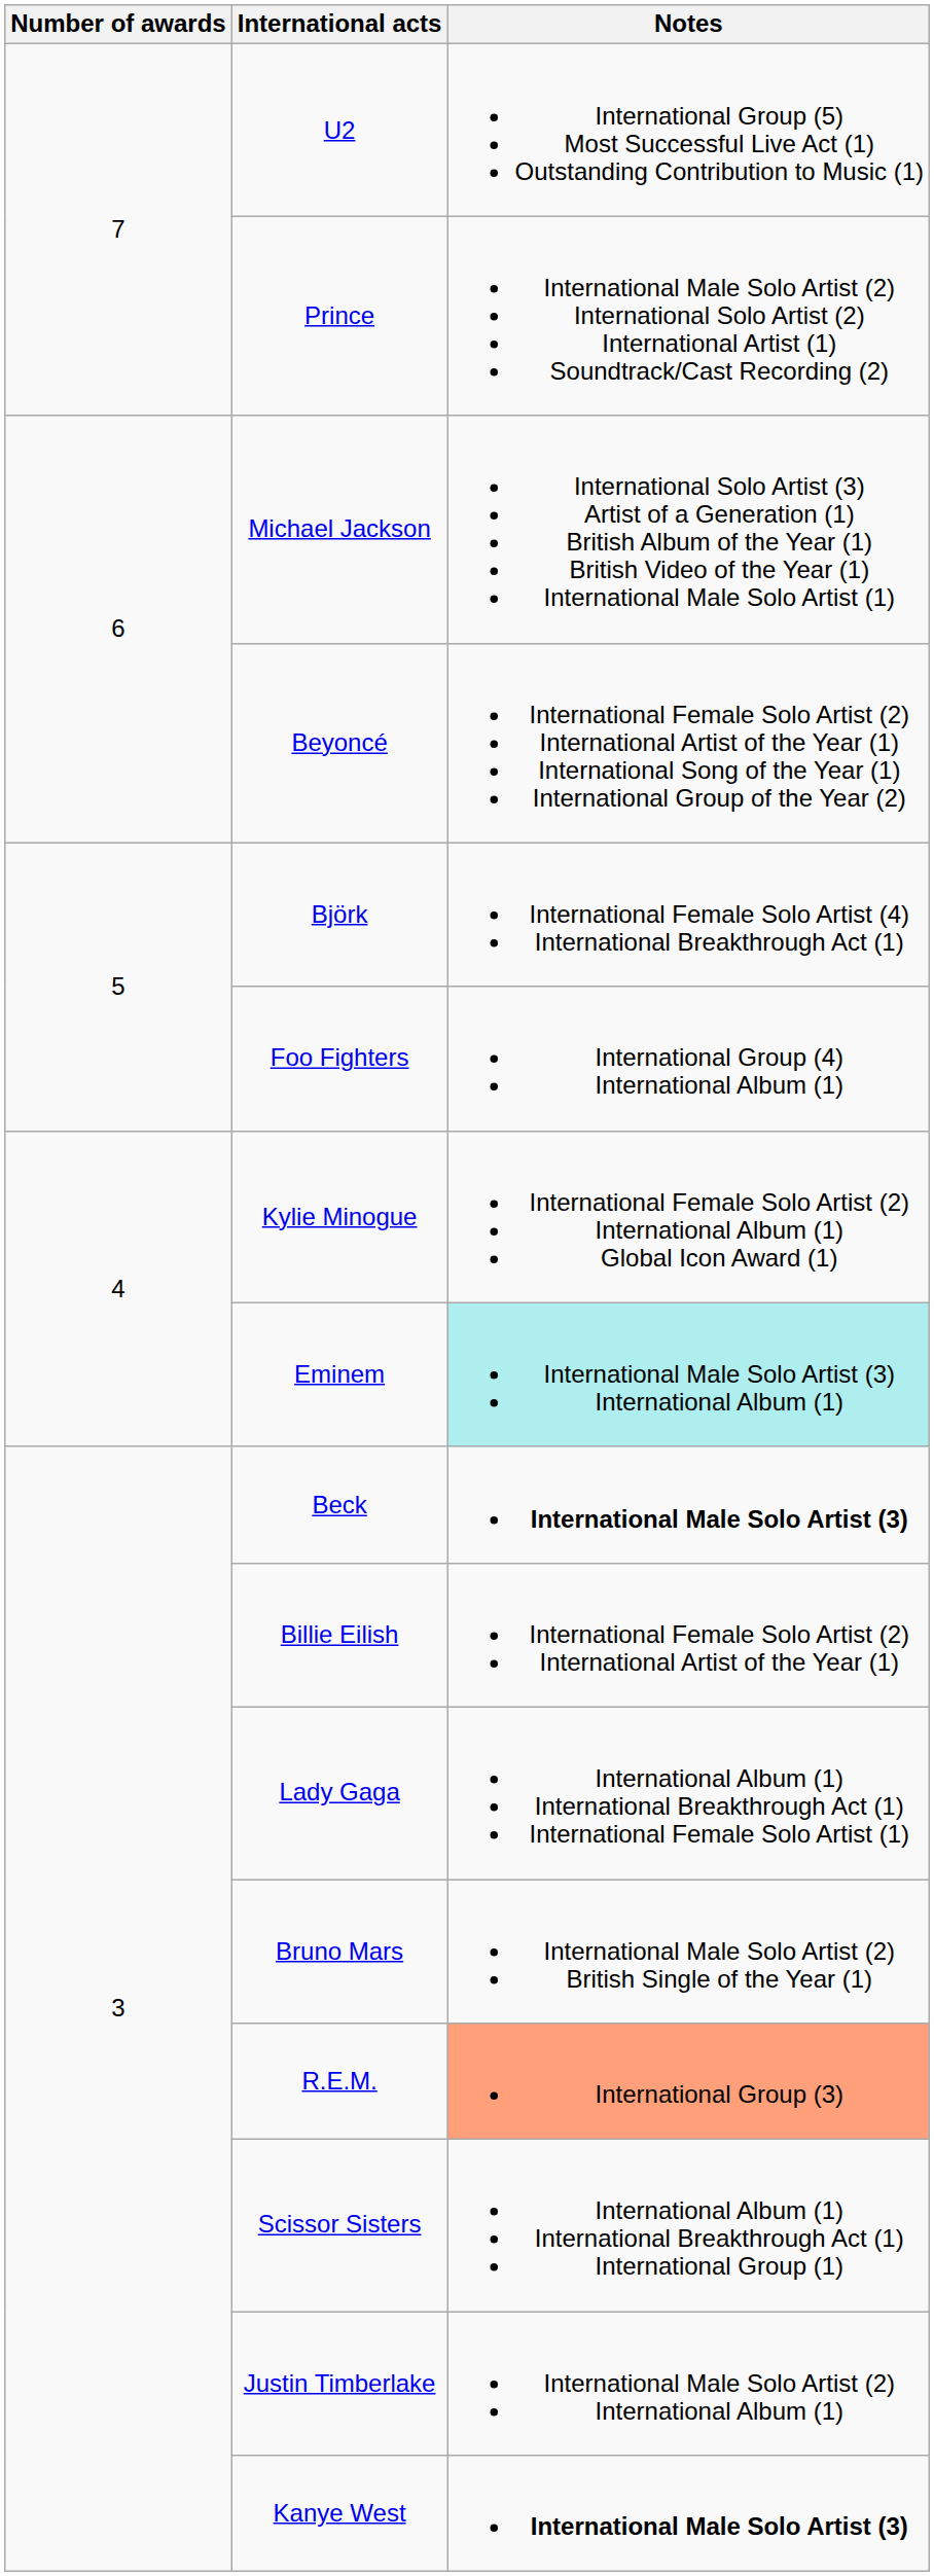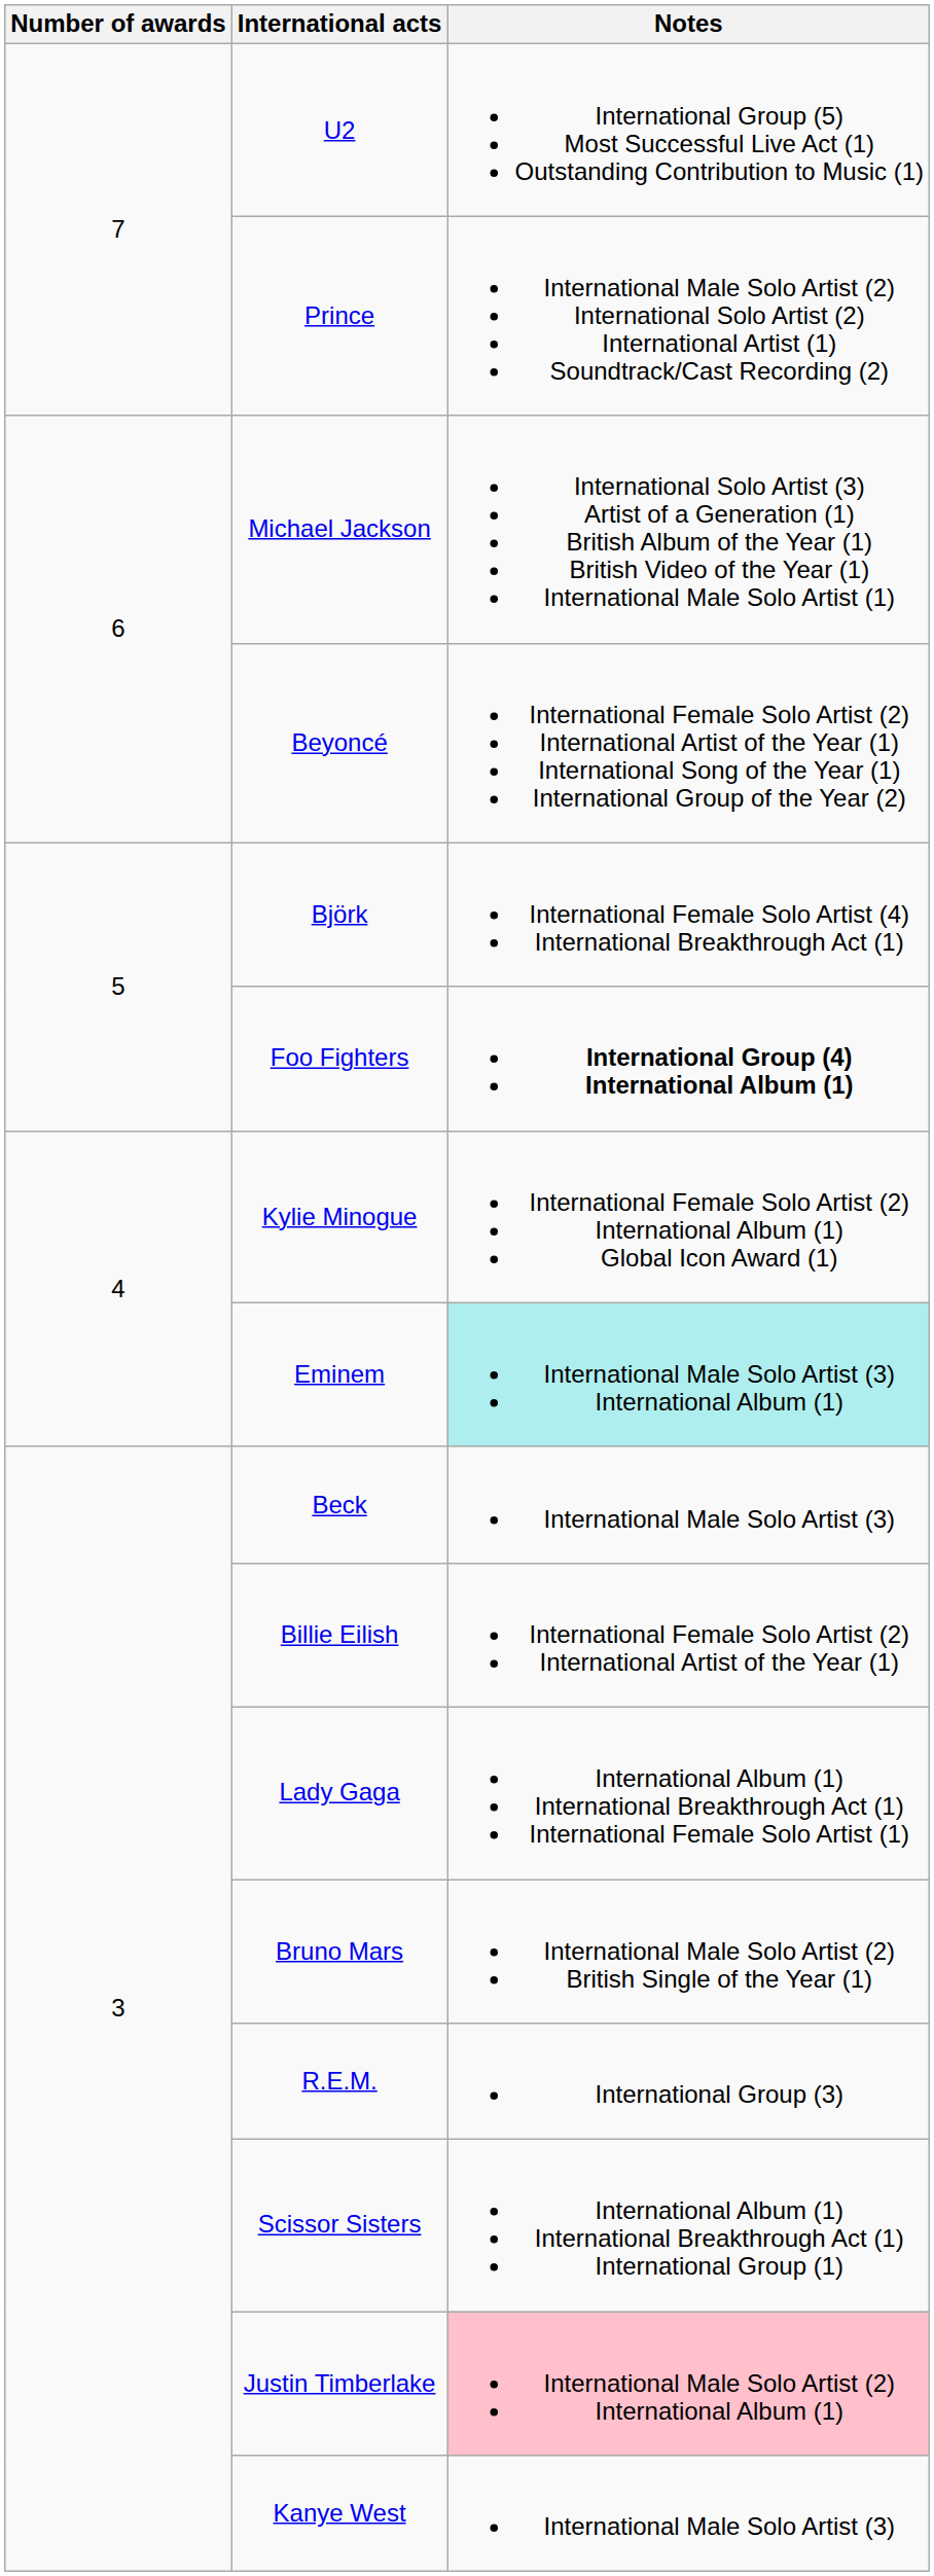 <table class="wikitable">
 <tr>
 <th>Number of awards</th>
 <th>International acts</th>
 <th>Notes</th>
 </tr>
 <tr>
 <td style="text-align:center;"rowspan="2">7</td>
 <td style="text-align:center;"><a href='#'>U2</a></td>
 <td style="text-align:center;"><br><ul><li>International Group (5)</li><li>Most Successful Live Act (1)</li><li>Outstanding Contribution to Music (1)</li></ul></td>
 </tr>
 <tr>
 <td style="text-align:center;"><a href='#'>Prince</a></td>
 <td style="text-align:center;"><br><ul><li>International Male Solo Artist (2)</li><li>International Solo Artist (2)</li><li>International Artist (1)</li><li>Soundtrack/Cast Recording (2)</li></ul></td>
 </tr>
 <tr>
 <td style="text-align:center;"rowspan="2">6</td>
 <td style="text-align:center;"><a href='#'>Michael Jackson</a></td>
 <td style="text-align:center;"><br><ul><li>International Solo Artist (3)</li><li>Artist of a Generation (1)</li><li>British Album of the Year (1)</li><li>British Video of the Year (1)</li><li>International Male Solo Artist (1)</li></ul></td>
 </tr>
 <tr>
 <td style="text-align:center;"><a href='#'>Beyoncé</a></td>
 <td style="text-align:center;"><br><ul><li>International Female Solo Artist (2)</li><li>International Artist of the Year (1)</li><li>International Song of the Year (1)</li><li>International Group of the Year (2)</li></ul></td>
 </tr>
 <tr>
 <td style="text-align:center;" rowspan="2">5</td>
 <td style="text-align:center;"><a href='#'>Björk</a></td>
 <td style="text-align:center;"><br><ul><li>International Female Solo Artist (4)</li><li>International Breakthrough Act (1)</li></ul></td>
 </tr>
 <tr>
 <td style="text-align:center;"><a href='#'>Foo Fighters</a></td>
-<td style="text-align:center;"><br><ul><li>International Group (4)</li><li>International Album (1)</li></ul></td>
+<td style="text-align:center;"><strong><br><ul><li>International Group (4)</li><li>International Album (1)</li></ul></strong></td>
 </tr>
 <tr>
 <td style="text-align:center;"rowspan="2">4</td>
 <td style="text-align:center;"><a href='#'>Kylie Minogue</a></td>
 <td style="text-align:center;"><br><ul><li>International Female Solo Artist (2)</li><li>International Album (1)</li><li>Global Icon Award (1)</li></ul></td>
 </tr>
 <tr>
 <td style="text-align:center;"><a href='#'>Eminem</a></td>
 <td style="background: paleturquoise; text-align:center;"><br><ul><li>International Male Solo Artist (3)</li><li>International Album (1)</li></ul></td>
 </tr>
 <tr>
 <td rowspan="8" style="text-align:center;">3</td>
 <td style="text-align:center;"><a href='#'>Beck</a></td>
-<td style="text-align:center;"><strong><br><ul><li>International Male Solo Artist (3)</li></ul></strong></td>
+<td style="text-align:center;"><br><ul><li>International Male Solo Artist (3)</li></ul></td>
 </tr>
 <tr>
 <td style="text-align:center;"><a href='#'>Billie Eilish</a></td>
 <td style="text-align:center;"><br><ul><li>International Female Solo Artist (2)</li><li>International Artist of the Year (1)</li></ul></td>
 </tr>
 <tr>
 <td style="text-align:center;"><a href='#'>Lady Gaga</a></td>
 <td style="text-align:center;"><br><ul><li>International Album (1)</li><li>International Breakthrough Act (1)</li><li>International Female Solo Artist (1)</li></ul></td>
 </tr>
 <tr>
 <td style="text-align:center;"><a href='#'>Bruno Mars</a></td>
 <td style="text-align:center;"><br><ul><li>International Male Solo Artist (2)</li><li>British Single of the Year (1)</li></ul></td>
 </tr>
 <tr>
 <td style="text-align:center;"><a href='#'>R.E.M.</a></td>
-<td style="background: lightsalmon; text-align:center;"><br><ul><li>International Group (3)</li></ul></td>
+<td style="text-align:center;"><br><ul><li>International Group (3)</li></ul></td>
 </tr>
 <tr>
 <td style="text-align:center;"><a href='#'>Scissor Sisters</a></td>
 <td style="text-align:center;"><br><ul><li>International Album (1)</li><li>International Breakthrough Act (1)</li><li>International Group (1)</li></ul></td>
 </tr>
 <tr>
 <td style="text-align:center;"><a href='#'>Justin Timberlake</a></td>
-<td style="text-align:center;"><br><ul><li>International Male Solo Artist (2)</li><li>International Album (1)</li></ul></td>
+<td style="background: pink; text-align:center;"><br><ul><li>International Male Solo Artist (2)</li><li>International Album (1)</li></ul></td>
 </tr>
 <tr>
 <td style="text-align:center;"><a href='#'>Kanye West</a></td>
-<td style="text-align:center;"><strong><br><ul><li>International Male Solo Artist (3)</li></ul></strong></td>
+<td style="text-align:center;"><br><ul><li>International Male Solo Artist (3)</li></ul></td>
 </tr>
 </table>
